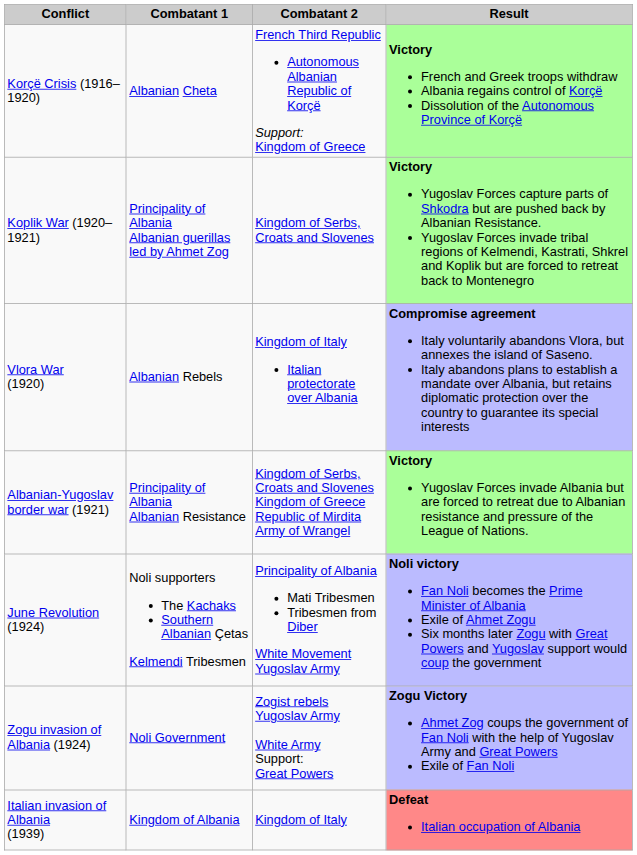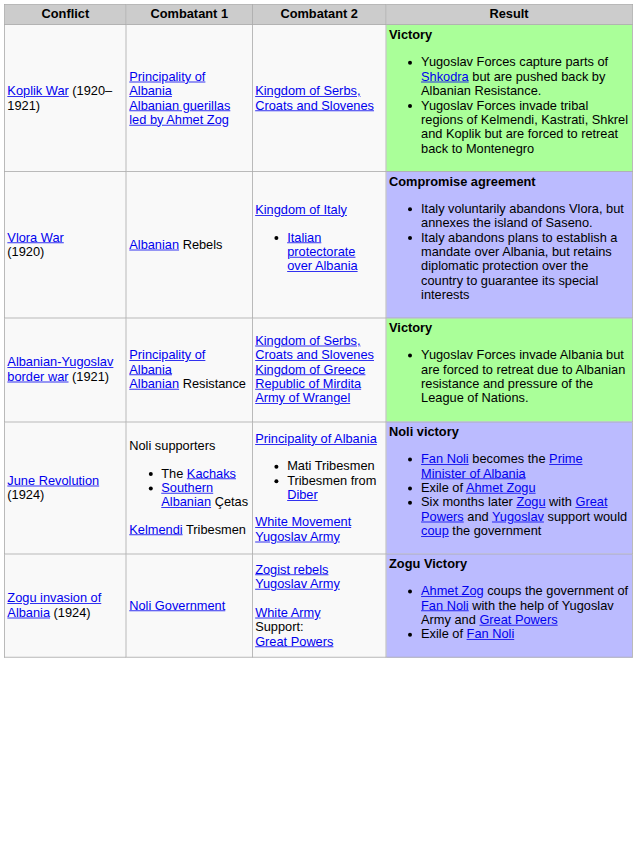 <table class="wikitable">
 <tr>
 <th style="background:#ccc" width="145"><span>Conflict</span></th>
 <th style="background:#ccc" width="150"><span>Combatant 1</span></th>
 <th style="background:#ccc" width="160"><span>Combatant 2</span></th>
 <th style="background:#ccc"  width="300"><span>Result</span></th>
-</tr>
-<tr>
-<td><a href='#'>Korçë Crisis</a> (1916–1920)</td>
-<td> <a href='#'>Albanian</a> <a href='#'>Cheta</a></td>
-<td> <a href='#'>French Third Republic</a><br><ul><li> <a href='#'>Autonomous Albanian Republic of Korçë</a></li></ul><em>Support:</em><br> <a href='#'>Kingdom of Greece</a></td>
-<td style="background:#AF9"><strong>Victory</strong><br><ul><li>French and Greek troops withdraw</li><li>Albania regains control of <a href='#'>Korçë</a></li><li>Dissolution of the <a href='#'>Autonomous Province of Korçë</a></li></ul></td>
 </tr>
 <tr>
 <td><a href='#'>Koplik War</a> (1920–1921)</td>
 <td> <a href='#'>Principality of Albania</a><br> <a href='#'>Albanian guerillas led by Ahmet Zog</a></td>
 <td> <a href='#'>Kingdom of Serbs, Croats and Slovenes</a></td>
 <td style="background:#AF9"><strong>Victory</strong><br><ul><li>Yugoslav Forces capture parts of <a href='#'>Shkodra</a> but are pushed back by Albanian Resistance.</li><li>Yugoslav Forces invade tribal regions of Kelmendi, Kastrati, Shkrel and Koplik but are forced to retreat back to Montenegro</li></ul></td>
 </tr>
 <tr>
 <td><a href='#'>Vlora War</a><br>(1920)</td>
 <td> <a href='#'>Albanian</a> Rebels</td>
 <td> <a href='#'>Kingdom of Italy</a><br><ul><li> <a href='#'>Italian protectorate over Albania</a></li></ul></td>
 <td style="Background:#BBF"><strong>Compromise agreement</strong><br><ul><li>Italy voluntarily abandons Vlora, but annexes the island of Saseno.</li><li>Italy abandons plans to establish a mandate over Albania, but retains diplomatic protection over the country to guarantee its special interests</li></ul></td>
 </tr>
 <tr>
 <td><a href='#'>Albanian-Yugoslav border war</a> (1921)</td>
 <td> <a href='#'>Principality of Albania</a><br> <a href='#'>Albanian</a> Resistance</td>
 <td> <a href='#'>Kingdom of Serbs, Croats and Slovenes</a><br> <a href='#'>Kingdom of Greece</a><br>  <a href='#'>Republic of Mirdita</a><br> <a href='#'>Army of Wrangel</a></td>
 <td style="background:#AF9"><strong>Victory</strong><br><ul><li>Yugoslav Forces invade Albania but are forced to retreat due to Albanian resistance and pressure of the League of Nations.</li></ul></td>
 </tr>
 <tr>
 <td><a href='#'>June Revolution</a> (1924)</td>
 <td> Noli supporters<br><ul><li>The <a href='#'>Kachaks</a></li><li><a href='#'>Southern Albanian</a> Çetas</li></ul><a href='#'>Kelmendi</a> Tribesmen</td>
 <td> <a href='#'>Principality of Albania</a><br><ul><li>Mati Tribesmen</li><li>Tribesmen from <a href='#'>Diber</a></li></ul> <a href='#'>White Movement</a><br>  <a href='#'>Yugoslav Army</a></td>
 <td style="Background:#BBF"><strong>Noli victory</strong><br><ul><li><a href='#'>Fan Noli</a> becomes the <a href='#'>Prime Minister of Albania</a></li><li>Exile of <a href='#'>Ahmet Zogu</a></li><li>Six months later <a href='#'>Zogu</a> with <a href='#'>Great Powers</a> and <a href='#'>Yugoslav</a> support would <a href='#'>coup</a> the government</li></ul></td>
 </tr>
 <tr>
 <td><a href='#'>Zogu invasion of Albania</a> (1924)</td>
 <td> <a href='#'>Noli Government</a></td>
 <td> <a href='#'>Zogist rebels</a><br> <a href='#'>Yugoslav Army</a><br><br> <a href='#'>White Army</a><br> Support:<br> <a href='#'>Great Powers</a></td>
 <td style="Background:#BBF"><strong>Zogu Victory</strong><br><ul><li><a href='#'>Ahmet Zog</a> coups the government of <a href='#'>Fan Noli</a> with the help of Yugoslav Army and <a href='#'>Great Powers</a></li><li>Exile of <a href='#'>Fan Noli</a></li></ul></td>
 </tr>
-<tr>
-<td><a href='#'>Italian invasion of Albania</a><br>(1939)</td>
-<td> <a href='#'>Kingdom of Albania</a></td>
-<td> <a href='#'>Kingdom of Italy</a></td>
-<td style="background:#F88"><strong>Defeat</strong><br><ul><li><a href='#'>Italian occupation of Albania</a></li></ul></td>
-</tr>
 </table>
